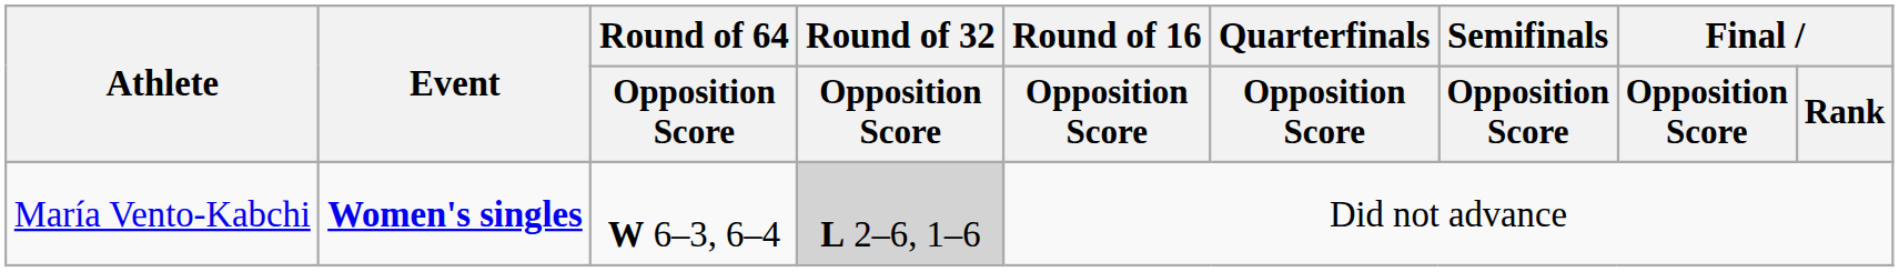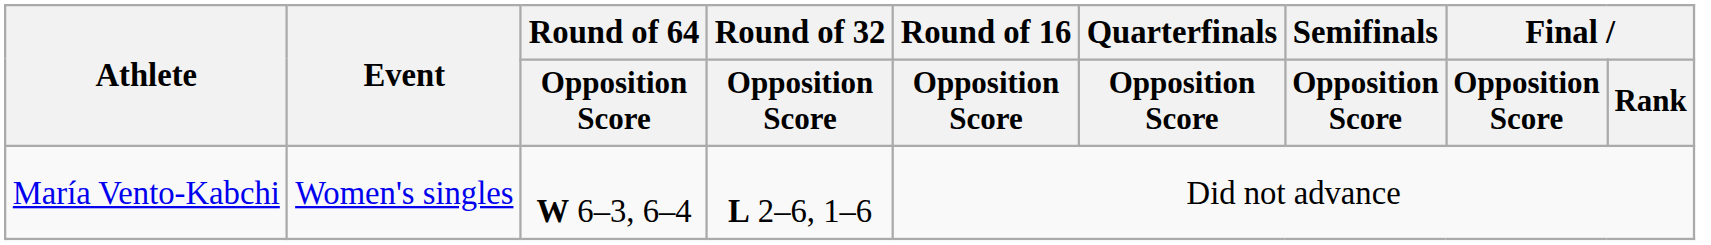 <table class=wikitable style="font-size:90%">
 <tr>
 <th rowspan="2">Athlete</th>
 <th rowspan="2">Event</th>
 <th>Round of 64</th>
 <th>Round of 32</th>
 <th>Round of 16</th>
 <th>Quarterfinals</th>
 <th>Semifinals</th>
 <th colspan=2>Final / </th>
 </tr>
 <tr style="font-size:95%">
 <th>Opposition<br>Score</th>
 <th>Opposition<br>Score</th>
 <th>Opposition<br>Score</th>
 <th>Opposition<br>Score</th>
 <th>Opposition<br>Score</th>
 <th>Opposition<br>Score</th>
 <th>Rank</th>
 </tr>
 <tr align=center>
 <td align=left><a href='#'>María Vento-Kabchi</a></td>
-<td align=left><strong><a href='#'>Women's singles</a></strong></td>
+<td align=left><a href='#'>Women's singles</a></td>
 <td><br><strong>W</strong> 6–3, 6–4</td>
-<td style="background: lightgrey;"><br><strong>L</strong> 2–6, 1–6</td>
+<td><br><strong>L</strong> 2–6, 1–6</td>
 <td colspan=5>Did not advance</td>
 </tr>
 </table>
